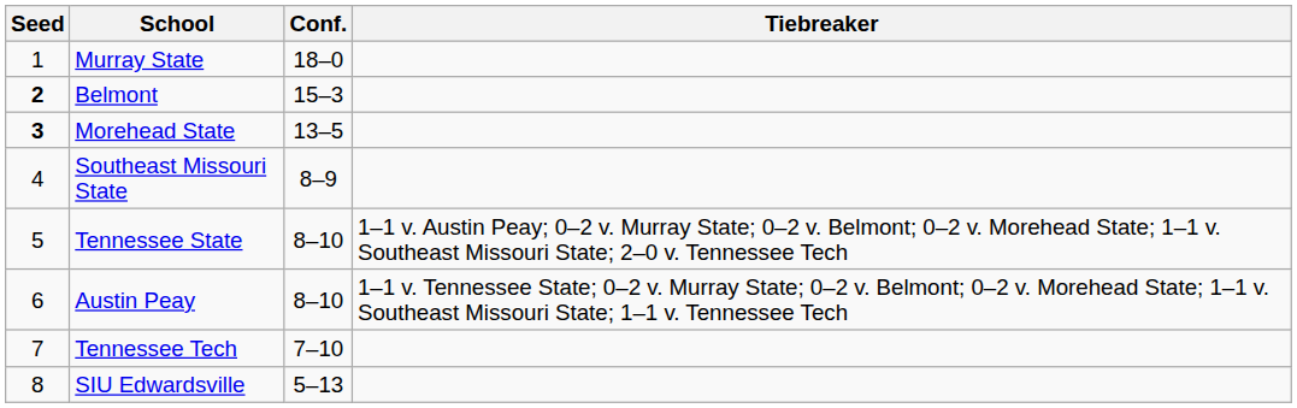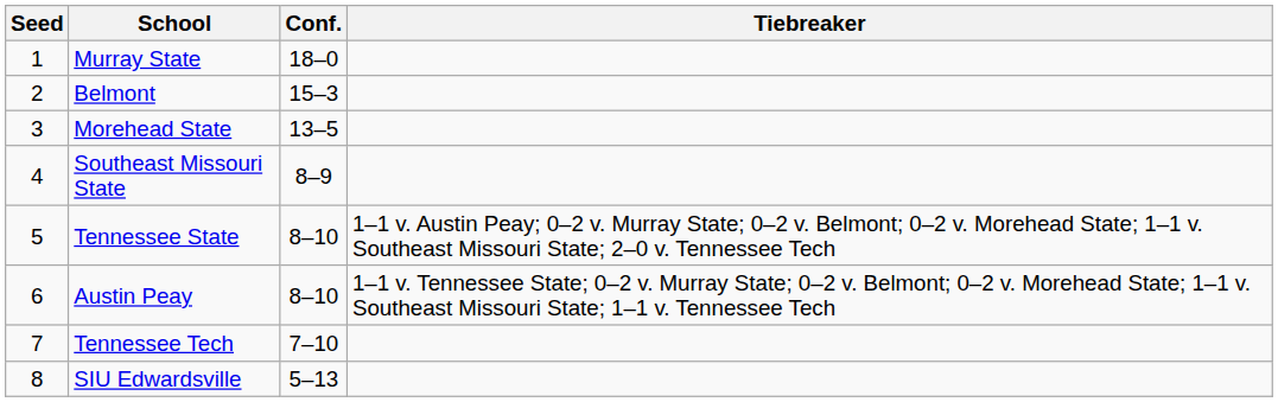 <table class="wikitable" style="font-size:95%; text-align:center">
 <tr>
 <th>Seed</th>
 <th>School</th>
 <th>Conf.</th>
 <th>Tiebreaker</th>
 </tr>
 <tr>
 <td>1</td>
 <td align="left"><a href='#'>Murray State</a></td>
 <td>18–0</td>
 <td align="left"></td>
 </tr>
 <tr>
-<td><strong>2</strong></td>
+<td>2</td>
 <td align="left"><a href='#'>Belmont</a></td>
 <td>15–3</td>
 <td align="left"></td>
 </tr>
 <tr>
-<td><strong>3</strong></td>
+<td>3</td>
 <td align="left"><a href='#'>Morehead State</a></td>
 <td>13–5</td>
 </tr>
 <tr>
 <td>4</td>
 <td align="left"><a href='#'>Southeast Missouri State</a></td>
 <td>8–9</td>
 <td align="left"></td>
 </tr>
 <tr>
 <td>5</td>
 <td align="left"><a href='#'>Tennessee State</a></td>
 <td>8–10</td>
 <td align="left">1–1 v. Austin Peay; 0–2 v. Murray State; 0–2 v. Belmont; 0–2 v. Morehead State; 1–1 v. Southeast Missouri State; 2–0 v. Tennessee Tech</td>
 </tr>
 <tr>
 <td>6</td>
 <td align="left"><a href='#'>Austin Peay</a></td>
 <td>8–10</td>
 <td align="left">1–1 v. Tennessee State; 0–2 v. Murray State; 0–2 v. Belmont; 0–2 v. Morehead State; 1–1 v. Southeast Missouri State; 1–1 v. Tennessee Tech</td>
 </tr>
 <tr>
 <td>7</td>
 <td align="left"><a href='#'>Tennessee Tech</a></td>
 <td>7–10</td>
 <td align="left"></td>
 </tr>
 <tr>
 <td>8</td>
 <td align="left"><a href='#'>SIU Edwardsville</a></td>
 <td>5–13</td>
 <td align="left"></td>
 </tr>
 </table>
